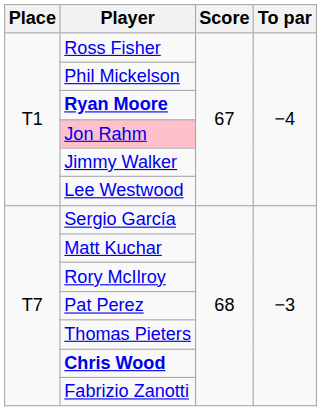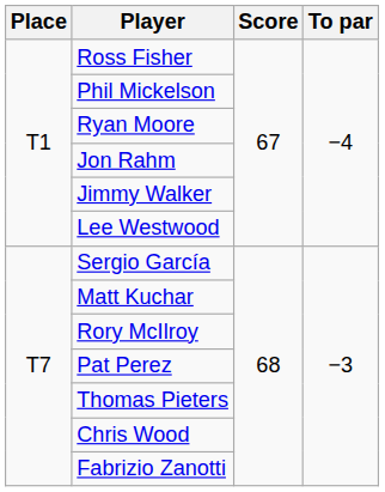 <table class="wikitable">
 <tr>
 <th>Place</th>
 <th>Player</th>
 <th>Score</th>
 <th>To par</th>
 </tr>
 <tr>
 <td rowspan=6 align=center>T1</td>
 <td> <a href='#'>Ross Fisher</a></td>
 <td rowspan=6 align=center>67</td>
 <td rowspan=6 align=center>−4</td>
 </tr>
 <tr>
 <td> <a href='#'>Phil Mickelson</a></td>
 </tr>
 <tr>
-<td><strong> <a href='#'>Ryan Moore</a></strong></td>
+<td> <a href='#'>Ryan Moore</a></td>
 </tr>
 <tr>
-<td style="background: pink;"> <a href='#'>Jon Rahm</a></td>
+<td> <a href='#'>Jon Rahm</a></td>
 </tr>
 <tr>
 <td> <a href='#'>Jimmy Walker</a></td>
 </tr>
 <tr>
 <td> <a href='#'>Lee Westwood</a></td>
 </tr>
 <tr>
 <td rowspan=7 align=center>T7</td>
 <td> <a href='#'>Sergio García</a></td>
 <td rowspan=7 align=center>68</td>
 <td rowspan=7 align=center>−3</td>
 </tr>
 <tr>
 <td> <a href='#'>Matt Kuchar</a></td>
 </tr>
 <tr>
 <td> <a href='#'>Rory McIlroy</a></td>
 </tr>
 <tr>
 <td> <a href='#'>Pat Perez</a></td>
 </tr>
 <tr>
 <td> <a href='#'>Thomas Pieters</a></td>
 </tr>
 <tr>
-<td><strong> <a href='#'>Chris Wood</a></strong></td>
+<td> <a href='#'>Chris Wood</a></td>
 </tr>
 <tr>
 <td> <a href='#'>Fabrizio Zanotti</a></td>
 </tr>
 </table>
